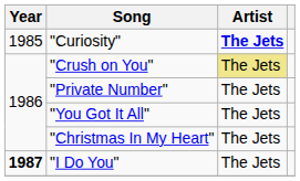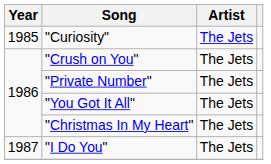 <table class="wikitable sortable plainrowheaders">
 <tr>
 <th scope="col">Year</th>
 <th scope="col">Song</th>
 <th scope="col">Artist</th>
 <th scope="col" class="unsortable"></th>
 </tr>
 <tr>
 <td>1985</td>
 <td>"Curiosity"</td>
-<td><strong><a href='#'>The Jets</a></strong></td>
+<td><a href='#'>The Jets</a></td>
 <td></td>
 </tr>
 <tr>
 <td rowspan="4">1986</td>
 <td>"<a href='#'>Crush on You</a>"</td>
-<td style="background: khaki;">The Jets</td>
+<td>The Jets</td>
 <td></td>
 </tr>
 <tr>
 <td>"<a href='#'>Private Number</a>"</td>
 <td>The Jets</td>
 <td></td>
 </tr>
 <tr>
 <td>"<a href='#'>You Got It All</a>"</td>
 <td>The Jets</td>
 <td></td>
 </tr>
 <tr>
 <td>"<a href='#'>Christmas In My Heart</a>"</td>
 <td>The Jets</td>
 <td></td>
 </tr>
 <tr>
-<td><strong>1987</strong></td>
+<td>1987</td>
 <td>"<a href='#'>I Do You</a>"</td>
 <td>The Jets</td>
 <td></td>
 </tr>
 <tr>
 </tr>
 </table>
